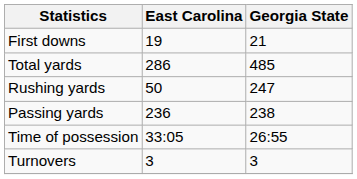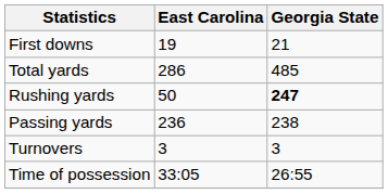 <table class="wikitable">
 <tr>
 <th>Statistics</th>
 <th>East Carolina</th>
 <th>Georgia State</th>
 </tr>
 <tr>
 <td>First downs</td>
 <td>19</td>
 <td>21</td>
 </tr>
 <tr>
 <td>Total yards</td>
 <td>286</td>
 <td>485</td>
 </tr>
 <tr>
 <td>Rushing yards</td>
 <td>50</td>
-<td>247</td>
+<td><strong>247</strong></td>
 </tr>
 <tr>
 <td>Passing yards</td>
 <td>236</td>
 <td>238</td>
 </tr>
 <tr>
+<td>Turnovers</td>
+<td>3</td>
+<td>3</td>
+</tr>
+<tr>
 <td>Time of possession</td>
 <td>33:05</td>
 <td>26:55</td>
 </tr>
 <tr>
-<td>Turnovers</td>
-<td>3</td>
-<td>3</td>
-</tr>
-<tr>
 </tr>
 </table>
